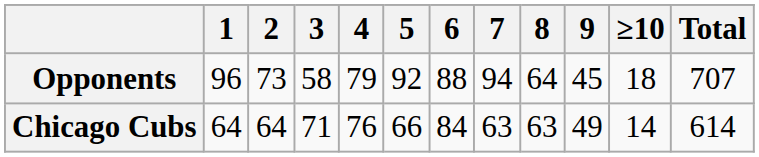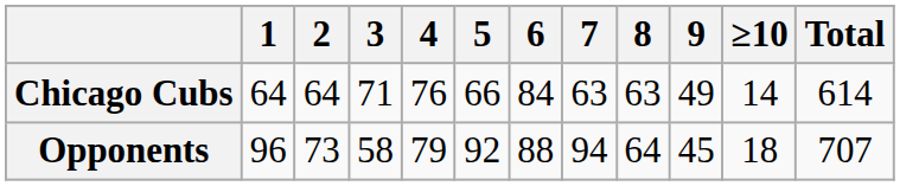 <table class="wikitable" style="text-align:center;">
 <tr>
 <th></th>
 <th>1</th>
 <th>2</th>
 <th>3</th>
 <th>4</th>
 <th>5</th>
 <th>6</th>
 <th>7</th>
 <th>8</th>
 <th>9</th>
 <th>≥10</th>
 <th>Total</th>
 </tr>
 <tr>
+<th>Chicago Cubs</th>
+<td>64</td>
+<td>64</td>
+<td>71</td>
+<td>76</td>
+<td>66</td>
+<td>84</td>
+<td>63</td>
+<td>63</td>
+<td>49</td>
+<td>14</td>
+<td>614</td>
+</tr>
+<tr>
 <th>Opponents</th>
 <td>96</td>
 <td>73</td>
 <td>58</td>
 <td>79</td>
 <td>92</td>
 <td>88</td>
 <td>94</td>
 <td>64</td>
 <td>45</td>
 <td>18</td>
 <td>707</td>
 </tr>
-<tr>
-<th>Chicago Cubs</th>
-<td>64</td>
-<td>64</td>
-<td>71</td>
-<td>76</td>
-<td>66</td>
-<td>84</td>
-<td>63</td>
-<td>63</td>
-<td>49</td>
-<td>14</td>
-<td>614</td>
-</tr>
 </table>
